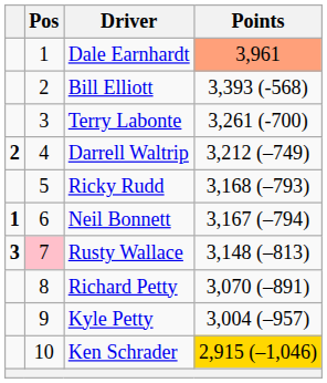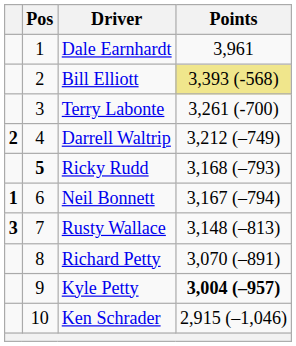 <table class="wikitable" style="font-size: 95%;">
 <tr>
 <th></th>
 <th>Pos</th>
 <th>Driver</th>
 <th>Points</th>
 </tr>
 <tr>
 <td align="left"></td>
 <td style="text-align:center;">1</td>
 <td><a href='#'>Dale Earnhardt</a></td>
-<td style="background: lightsalmon; text-align:center;">3,961</td>
+<td style="text-align:center;">3,961</td>
 </tr>
 <tr>
 <td align="left"></td>
 <td style="text-align:center;">2</td>
 <td><a href='#'>Bill Elliott</a></td>
-<td style="text-align:center;">3,393 (-568)</td>
+<td style="background: khaki; text-align:center;">3,393 (-568)</td>
 </tr>
 <tr>
 <td align="left"></td>
 <td style="text-align:center;">3</td>
 <td><a href='#'>Terry Labonte</a></td>
 <td style="text-align:center;">3,261 (-700)</td>
 </tr>
 <tr>
 <td align="left">  <strong>2</strong></td>
 <td style="text-align:center;">4</td>
 <td><a href='#'>Darrell Waltrip</a></td>
 <td style="text-align:center;">3,212 (–749)</td>
 </tr>
 <tr>
 <td align="left"></td>
-<td style="text-align:center;">5</td>
+<td style="text-align:center;"><strong>5</strong></td>
 <td><a href='#'>Ricky Rudd</a></td>
 <td style="text-align:center;">3,168 (–793)</td>
 </tr>
 <tr>
 <td align="left">  <strong>1</strong></td>
 <td style="text-align:center;">6</td>
 <td><a href='#'>Neil Bonnett</a></td>
 <td style="text-align:center;">3,167 (–794)</td>
 </tr>
 <tr>
 <td align="left">  <strong>3</strong></td>
-<td style="background: pink; text-align:center;">7</td>
+<td style="text-align:center;">7</td>
 <td><a href='#'>Rusty Wallace</a></td>
 <td style="text-align:center;">3,148 (–813)</td>
 </tr>
 <tr>
 <td align="left"></td>
 <td style="text-align:center;">8</td>
 <td><a href='#'>Richard Petty</a></td>
 <td style="text-align:center;">3,070 (–891)</td>
 </tr>
 <tr>
 <td align="left"></td>
 <td style="text-align:center;">9</td>
 <td><a href='#'>Kyle Petty</a></td>
-<td style="text-align:center;">3,004 (–957)</td>
+<td style="text-align:center;"><strong>3,004 (–957)</strong></td>
 </tr>
 <tr>
 <td align="left"></td>
 <td style="text-align:center;">10</td>
 <td><a href='#'>Ken Schrader</a></td>
-<td style="background: gold; text-align:center;">2,915 (–1,046)</td>
+<td style="text-align:center;">2,915 (–1,046)</td>
 </tr>
 <tr class="sortbottom">
 <th colspan="9"></th>
 </tr>
 </table>
